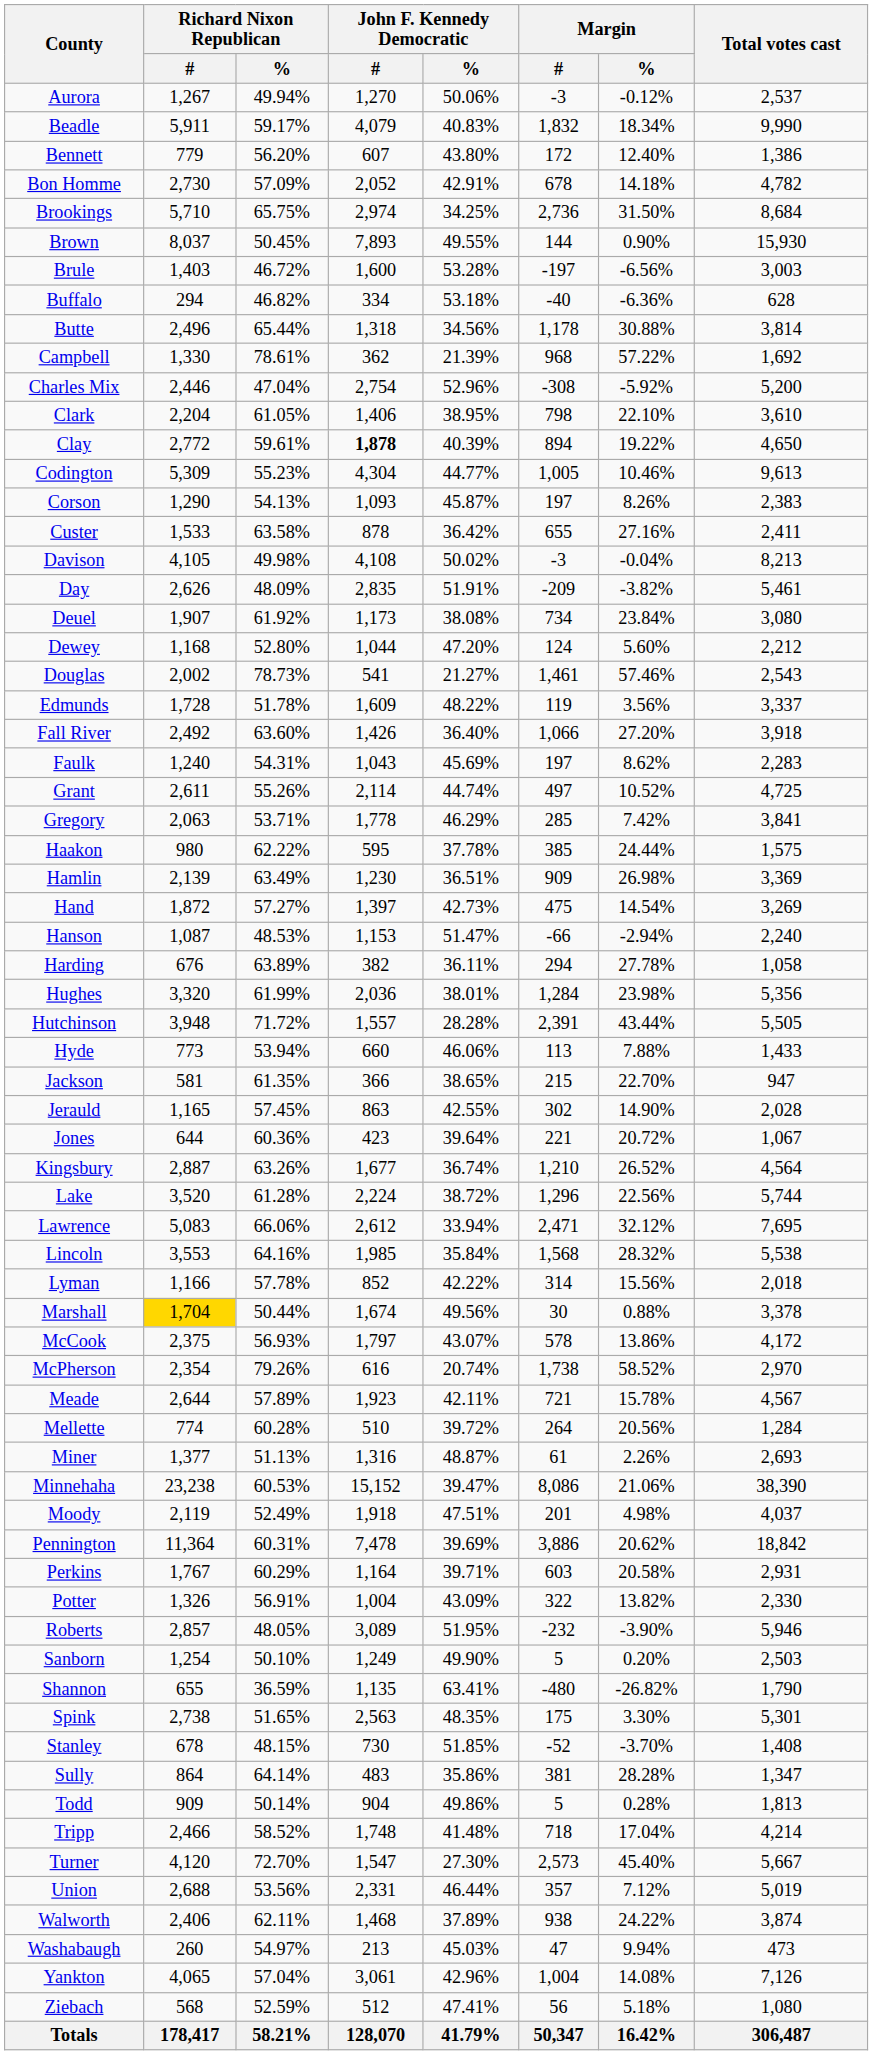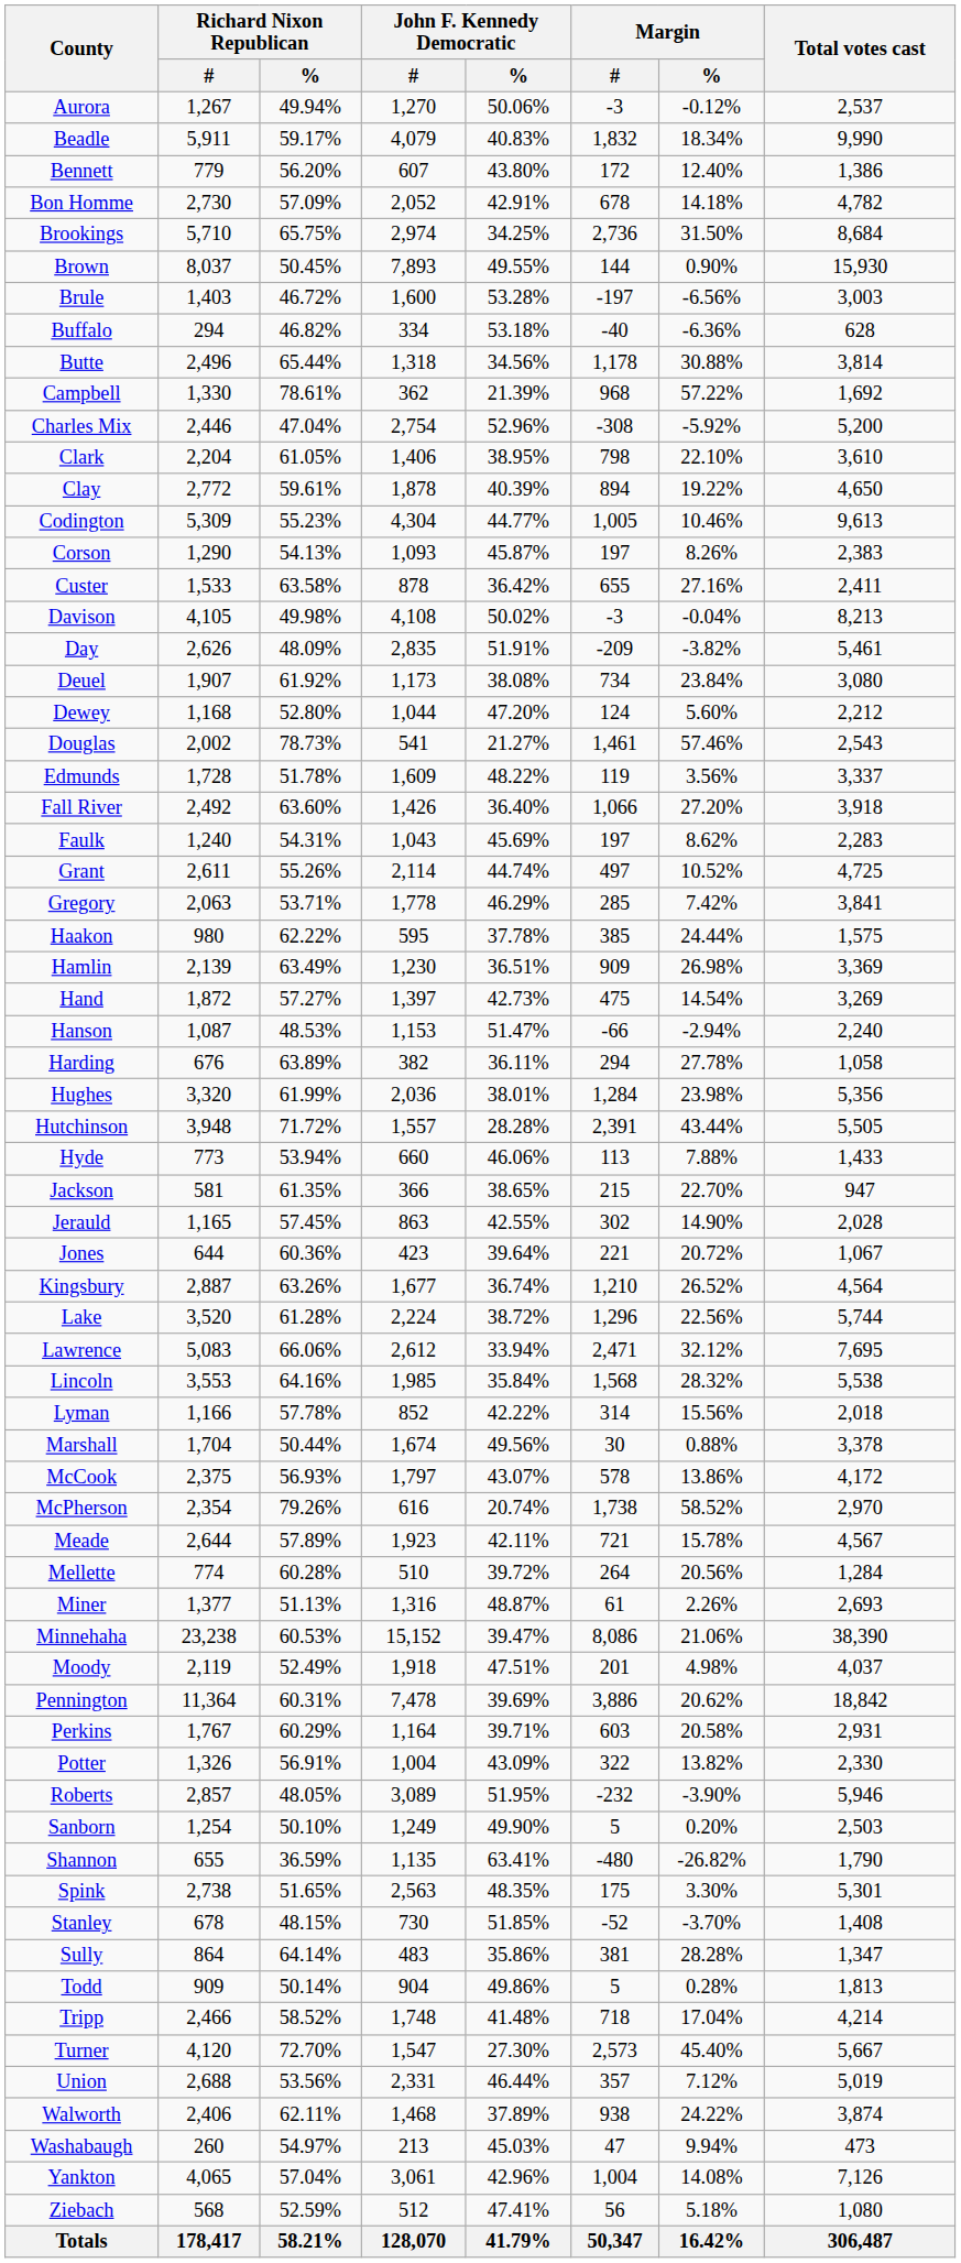 <table class="wikitable sortable" width="60%">
 <tr>
 <th rowspan="2">County</th>
 <th colspan="2">Richard Nixon<br>Republican</th>
 <th colspan="2">John F. Kennedy<br>Democratic</th>
 <th colspan="2">Margin</th>
 <th rowspan="2">Total votes cast</th>
 </tr>
 <tr style="text-align:center;">
 <th data-sort-type="number">#</th>
 <th data-sort-type="number">%</th>
 <th data-sort-type="number">#</th>
 <th data-sort-type="number">%</th>
 <th data-sort-type="number">#</th>
 <th data-sort-type="number">%</th>
 </tr>
 <tr style="text-align:center;">
 <td><a href='#'>Aurora</a></td>
 <td>1,267</td>
 <td>49.94%</td>
 <td>1,270</td>
 <td>50.06%</td>
 <td>-3</td>
 <td>-0.12%</td>
 <td>2,537</td>
 </tr>
 <tr style="text-align:center;">
 <td><a href='#'>Beadle</a></td>
 <td>5,911</td>
 <td>59.17%</td>
 <td>4,079</td>
 <td>40.83%</td>
 <td>1,832</td>
 <td>18.34%</td>
 <td>9,990</td>
 </tr>
 <tr style="text-align:center;">
 <td><a href='#'>Bennett</a></td>
 <td>779</td>
 <td>56.20%</td>
 <td>607</td>
 <td>43.80%</td>
 <td>172</td>
 <td>12.40%</td>
 <td>1,386</td>
 </tr>
 <tr style="text-align:center;">
 <td><a href='#'>Bon Homme</a></td>
 <td>2,730</td>
 <td>57.09%</td>
 <td>2,052</td>
 <td>42.91%</td>
 <td>678</td>
 <td>14.18%</td>
 <td>4,782</td>
 </tr>
 <tr style="text-align:center;">
 <td><a href='#'>Brookings</a></td>
 <td>5,710</td>
 <td>65.75%</td>
 <td>2,974</td>
 <td>34.25%</td>
 <td>2,736</td>
 <td>31.50%</td>
 <td>8,684</td>
 </tr>
 <tr style="text-align:center;">
 <td><a href='#'>Brown</a></td>
 <td>8,037</td>
 <td>50.45%</td>
 <td>7,893</td>
 <td>49.55%</td>
 <td>144</td>
 <td>0.90%</td>
 <td>15,930</td>
 </tr>
 <tr style="text-align:center;">
 <td><a href='#'>Brule</a></td>
 <td>1,403</td>
 <td>46.72%</td>
 <td>1,600</td>
 <td>53.28%</td>
 <td>-197</td>
 <td>-6.56%</td>
 <td>3,003</td>
 </tr>
 <tr style="text-align:center;">
 <td><a href='#'>Buffalo</a></td>
 <td>294</td>
 <td>46.82%</td>
 <td>334</td>
 <td>53.18%</td>
 <td>-40</td>
 <td>-6.36%</td>
 <td>628</td>
 </tr>
 <tr style="text-align:center;">
 <td><a href='#'>Butte</a></td>
 <td>2,496</td>
 <td>65.44%</td>
 <td>1,318</td>
 <td>34.56%</td>
 <td>1,178</td>
 <td>30.88%</td>
 <td>3,814</td>
 </tr>
 <tr style="text-align:center;">
 <td><a href='#'>Campbell</a></td>
 <td>1,330</td>
 <td>78.61%</td>
 <td>362</td>
 <td>21.39%</td>
 <td>968</td>
 <td>57.22%</td>
 <td>1,692</td>
 </tr>
 <tr style="text-align:center;">
 <td><a href='#'>Charles Mix</a></td>
 <td>2,446</td>
 <td>47.04%</td>
 <td>2,754</td>
 <td>52.96%</td>
 <td>-308</td>
 <td>-5.92%</td>
 <td>5,200</td>
 </tr>
 <tr style="text-align:center;">
 <td><a href='#'>Clark</a></td>
 <td>2,204</td>
 <td>61.05%</td>
 <td>1,406</td>
 <td>38.95%</td>
 <td>798</td>
 <td>22.10%</td>
 <td>3,610</td>
 </tr>
 <tr style="text-align:center;">
 <td><a href='#'>Clay</a></td>
 <td>2,772</td>
 <td>59.61%</td>
-<td><strong>1,878</strong></td>
+<td>1,878</td>
 <td>40.39%</td>
 <td>894</td>
 <td>19.22%</td>
 <td>4,650</td>
 </tr>
 <tr style="text-align:center;">
 <td><a href='#'>Codington</a></td>
 <td>5,309</td>
 <td>55.23%</td>
 <td>4,304</td>
 <td>44.77%</td>
 <td>1,005</td>
 <td>10.46%</td>
 <td>9,613</td>
 </tr>
 <tr style="text-align:center;">
 <td><a href='#'>Corson</a></td>
 <td>1,290</td>
 <td>54.13%</td>
 <td>1,093</td>
 <td>45.87%</td>
 <td>197</td>
 <td>8.26%</td>
 <td>2,383</td>
 </tr>
 <tr style="text-align:center;">
 <td><a href='#'>Custer</a></td>
 <td>1,533</td>
 <td>63.58%</td>
 <td>878</td>
 <td>36.42%</td>
 <td>655</td>
 <td>27.16%</td>
 <td>2,411</td>
 </tr>
 <tr style="text-align:center;">
 <td><a href='#'>Davison</a></td>
 <td>4,105</td>
 <td>49.98%</td>
 <td>4,108</td>
 <td>50.02%</td>
 <td>-3</td>
 <td>-0.04%</td>
 <td>8,213</td>
 </tr>
 <tr style="text-align:center;">
 <td><a href='#'>Day</a></td>
 <td>2,626</td>
 <td>48.09%</td>
 <td>2,835</td>
 <td>51.91%</td>
 <td>-209</td>
 <td>-3.82%</td>
 <td>5,461</td>
 </tr>
 <tr style="text-align:center;">
 <td><a href='#'>Deuel</a></td>
 <td>1,907</td>
 <td>61.92%</td>
 <td>1,173</td>
 <td>38.08%</td>
 <td>734</td>
 <td>23.84%</td>
 <td>3,080</td>
 </tr>
 <tr style="text-align:center;">
 <td><a href='#'>Dewey</a></td>
 <td>1,168</td>
 <td>52.80%</td>
 <td>1,044</td>
 <td>47.20%</td>
 <td>124</td>
 <td>5.60%</td>
 <td>2,212</td>
 </tr>
 <tr style="text-align:center;">
 <td><a href='#'>Douglas</a></td>
 <td>2,002</td>
 <td>78.73%</td>
 <td>541</td>
 <td>21.27%</td>
 <td>1,461</td>
 <td>57.46%</td>
 <td>2,543</td>
 </tr>
 <tr style="text-align:center;">
 <td><a href='#'>Edmunds</a></td>
 <td>1,728</td>
 <td>51.78%</td>
 <td>1,609</td>
 <td>48.22%</td>
 <td>119</td>
 <td>3.56%</td>
 <td>3,337</td>
 </tr>
 <tr style="text-align:center;">
 <td><a href='#'>Fall River</a></td>
 <td>2,492</td>
 <td>63.60%</td>
 <td>1,426</td>
 <td>36.40%</td>
 <td>1,066</td>
 <td>27.20%</td>
 <td>3,918</td>
 </tr>
 <tr style="text-align:center;">
 <td><a href='#'>Faulk</a></td>
 <td>1,240</td>
 <td>54.31%</td>
 <td>1,043</td>
 <td>45.69%</td>
 <td>197</td>
 <td>8.62%</td>
 <td>2,283</td>
 </tr>
 <tr style="text-align:center;">
 <td><a href='#'>Grant</a></td>
 <td>2,611</td>
 <td>55.26%</td>
 <td>2,114</td>
 <td>44.74%</td>
 <td>497</td>
 <td>10.52%</td>
 <td>4,725</td>
 </tr>
 <tr style="text-align:center;">
 <td><a href='#'>Gregory</a></td>
 <td>2,063</td>
 <td>53.71%</td>
 <td>1,778</td>
 <td>46.29%</td>
 <td>285</td>
 <td>7.42%</td>
 <td>3,841</td>
 </tr>
 <tr style="text-align:center;">
 <td><a href='#'>Haakon</a></td>
 <td>980</td>
 <td>62.22%</td>
 <td>595</td>
 <td>37.78%</td>
 <td>385</td>
 <td>24.44%</td>
 <td>1,575</td>
 </tr>
 <tr style="text-align:center;">
 <td><a href='#'>Hamlin</a></td>
 <td>2,139</td>
 <td>63.49%</td>
 <td>1,230</td>
 <td>36.51%</td>
 <td>909</td>
 <td>26.98%</td>
 <td>3,369</td>
 </tr>
 <tr style="text-align:center;">
 <td><a href='#'>Hand</a></td>
 <td>1,872</td>
 <td>57.27%</td>
 <td>1,397</td>
 <td>42.73%</td>
 <td>475</td>
 <td>14.54%</td>
 <td>3,269</td>
 </tr>
 <tr style="text-align:center;">
 <td><a href='#'>Hanson</a></td>
 <td>1,087</td>
 <td>48.53%</td>
 <td>1,153</td>
 <td>51.47%</td>
 <td>-66</td>
 <td>-2.94%</td>
 <td>2,240</td>
 </tr>
 <tr style="text-align:center;">
 <td><a href='#'>Harding</a></td>
 <td>676</td>
 <td>63.89%</td>
 <td>382</td>
 <td>36.11%</td>
 <td>294</td>
 <td>27.78%</td>
 <td>1,058</td>
 </tr>
 <tr style="text-align:center;">
 <td><a href='#'>Hughes</a></td>
 <td>3,320</td>
 <td>61.99%</td>
 <td>2,036</td>
 <td>38.01%</td>
 <td>1,284</td>
 <td>23.98%</td>
 <td>5,356</td>
 </tr>
 <tr style="text-align:center;">
 <td><a href='#'>Hutchinson</a></td>
 <td>3,948</td>
 <td>71.72%</td>
 <td>1,557</td>
 <td>28.28%</td>
 <td>2,391</td>
 <td>43.44%</td>
 <td>5,505</td>
 </tr>
 <tr style="text-align:center;">
 <td><a href='#'>Hyde</a></td>
 <td>773</td>
 <td>53.94%</td>
 <td>660</td>
 <td>46.06%</td>
 <td>113</td>
 <td>7.88%</td>
 <td>1,433</td>
 </tr>
 <tr style="text-align:center;">
 <td><a href='#'>Jackson</a></td>
 <td>581</td>
 <td>61.35%</td>
 <td>366</td>
 <td>38.65%</td>
 <td>215</td>
 <td>22.70%</td>
 <td>947</td>
 </tr>
 <tr style="text-align:center;">
 <td><a href='#'>Jerauld</a></td>
 <td>1,165</td>
 <td>57.45%</td>
 <td>863</td>
 <td>42.55%</td>
 <td>302</td>
 <td>14.90%</td>
 <td>2,028</td>
 </tr>
 <tr style="text-align:center;">
 <td><a href='#'>Jones</a></td>
 <td>644</td>
 <td>60.36%</td>
 <td>423</td>
 <td>39.64%</td>
 <td>221</td>
 <td>20.72%</td>
 <td>1,067</td>
 </tr>
 <tr style="text-align:center;">
 <td><a href='#'>Kingsbury</a></td>
 <td>2,887</td>
 <td>63.26%</td>
 <td>1,677</td>
 <td>36.74%</td>
 <td>1,210</td>
 <td>26.52%</td>
 <td>4,564</td>
 </tr>
 <tr style="text-align:center;">
 <td><a href='#'>Lake</a></td>
 <td>3,520</td>
 <td>61.28%</td>
 <td>2,224</td>
 <td>38.72%</td>
 <td>1,296</td>
 <td>22.56%</td>
 <td>5,744</td>
 </tr>
 <tr style="text-align:center;">
 <td><a href='#'>Lawrence</a></td>
 <td>5,083</td>
 <td>66.06%</td>
 <td>2,612</td>
 <td>33.94%</td>
 <td>2,471</td>
 <td>32.12%</td>
 <td>7,695</td>
 </tr>
 <tr style="text-align:center;">
 <td><a href='#'>Lincoln</a></td>
 <td>3,553</td>
 <td>64.16%</td>
 <td>1,985</td>
 <td>35.84%</td>
 <td>1,568</td>
 <td>28.32%</td>
 <td>5,538</td>
 </tr>
 <tr style="text-align:center;">
 <td><a href='#'>Lyman</a></td>
 <td>1,166</td>
 <td>57.78%</td>
 <td>852</td>
 <td>42.22%</td>
 <td>314</td>
 <td>15.56%</td>
 <td>2,018</td>
 </tr>
 <tr style="text-align:center;">
 <td><a href='#'>Marshall</a></td>
-<td style="background: gold;">1,704</td>
+<td>1,704</td>
 <td>50.44%</td>
 <td>1,674</td>
 <td>49.56%</td>
 <td>30</td>
 <td>0.88%</td>
 <td>3,378</td>
 </tr>
 <tr style="text-align:center;">
 <td><a href='#'>McCook</a></td>
 <td>2,375</td>
 <td>56.93%</td>
 <td>1,797</td>
 <td>43.07%</td>
 <td>578</td>
 <td>13.86%</td>
 <td>4,172</td>
 </tr>
 <tr style="text-align:center;">
 <td><a href='#'>McPherson</a></td>
 <td>2,354</td>
 <td>79.26%</td>
 <td>616</td>
 <td>20.74%</td>
 <td>1,738</td>
 <td>58.52%</td>
 <td>2,970</td>
 </tr>
 <tr style="text-align:center;">
 <td><a href='#'>Meade</a></td>
 <td>2,644</td>
 <td>57.89%</td>
 <td>1,923</td>
 <td>42.11%</td>
 <td>721</td>
 <td>15.78%</td>
 <td>4,567</td>
 </tr>
 <tr style="text-align:center;">
 <td><a href='#'>Mellette</a></td>
 <td>774</td>
 <td>60.28%</td>
 <td>510</td>
 <td>39.72%</td>
 <td>264</td>
 <td>20.56%</td>
 <td>1,284</td>
 </tr>
 <tr style="text-align:center;">
 <td><a href='#'>Miner</a></td>
 <td>1,377</td>
 <td>51.13%</td>
 <td>1,316</td>
 <td>48.87%</td>
 <td>61</td>
 <td>2.26%</td>
 <td>2,693</td>
 </tr>
 <tr style="text-align:center;">
 <td><a href='#'>Minnehaha</a></td>
 <td>23,238</td>
 <td>60.53%</td>
 <td>15,152</td>
 <td>39.47%</td>
 <td>8,086</td>
 <td>21.06%</td>
 <td>38,390</td>
 </tr>
 <tr style="text-align:center;">
 <td><a href='#'>Moody</a></td>
 <td>2,119</td>
 <td>52.49%</td>
 <td>1,918</td>
 <td>47.51%</td>
 <td>201</td>
 <td>4.98%</td>
 <td>4,037</td>
 </tr>
 <tr style="text-align:center;">
 <td><a href='#'>Pennington</a></td>
 <td>11,364</td>
 <td>60.31%</td>
 <td>7,478</td>
 <td>39.69%</td>
 <td>3,886</td>
 <td>20.62%</td>
 <td>18,842</td>
 </tr>
 <tr style="text-align:center;">
 <td><a href='#'>Perkins</a></td>
 <td>1,767</td>
 <td>60.29%</td>
 <td>1,164</td>
 <td>39.71%</td>
 <td>603</td>
 <td>20.58%</td>
 <td>2,931</td>
 </tr>
 <tr style="text-align:center;">
 <td><a href='#'>Potter</a></td>
 <td>1,326</td>
 <td>56.91%</td>
 <td>1,004</td>
 <td>43.09%</td>
 <td>322</td>
 <td>13.82%</td>
 <td>2,330</td>
 </tr>
 <tr style="text-align:center;">
 <td><a href='#'>Roberts</a></td>
 <td>2,857</td>
 <td>48.05%</td>
 <td>3,089</td>
 <td>51.95%</td>
 <td>-232</td>
 <td>-3.90%</td>
 <td>5,946</td>
 </tr>
 <tr style="text-align:center;">
 <td><a href='#'>Sanborn</a></td>
 <td>1,254</td>
 <td>50.10%</td>
 <td>1,249</td>
 <td>49.90%</td>
 <td>5</td>
 <td>0.20%</td>
 <td>2,503</td>
 </tr>
 <tr style="text-align:center;">
 <td><a href='#'>Shannon</a></td>
 <td>655</td>
 <td>36.59%</td>
 <td>1,135</td>
 <td>63.41%</td>
 <td>-480</td>
 <td>-26.82%</td>
 <td>1,790</td>
 </tr>
 <tr style="text-align:center;">
 <td><a href='#'>Spink</a></td>
 <td>2,738</td>
 <td>51.65%</td>
 <td>2,563</td>
 <td>48.35%</td>
 <td>175</td>
 <td>3.30%</td>
 <td>5,301</td>
 </tr>
 <tr style="text-align:center;">
 <td><a href='#'>Stanley</a></td>
 <td>678</td>
 <td>48.15%</td>
 <td>730</td>
 <td>51.85%</td>
 <td>-52</td>
 <td>-3.70%</td>
 <td>1,408</td>
 </tr>
 <tr style="text-align:center;">
 <td><a href='#'>Sully</a></td>
 <td>864</td>
 <td>64.14%</td>
 <td>483</td>
 <td>35.86%</td>
 <td>381</td>
 <td>28.28%</td>
 <td>1,347</td>
 </tr>
 <tr style="text-align:center;">
 <td><a href='#'>Todd</a></td>
 <td>909</td>
 <td>50.14%</td>
 <td>904</td>
 <td>49.86%</td>
 <td>5</td>
 <td>0.28%</td>
 <td>1,813</td>
 </tr>
 <tr style="text-align:center;">
 <td><a href='#'>Tripp</a></td>
 <td>2,466</td>
 <td>58.52%</td>
 <td>1,748</td>
 <td>41.48%</td>
 <td>718</td>
 <td>17.04%</td>
 <td>4,214</td>
 </tr>
 <tr style="text-align:center;">
 <td><a href='#'>Turner</a></td>
 <td>4,120</td>
 <td>72.70%</td>
 <td>1,547</td>
 <td>27.30%</td>
 <td>2,573</td>
 <td>45.40%</td>
 <td>5,667</td>
 </tr>
 <tr style="text-align:center;">
 <td><a href='#'>Union</a></td>
 <td>2,688</td>
 <td>53.56%</td>
 <td>2,331</td>
 <td>46.44%</td>
 <td>357</td>
 <td>7.12%</td>
 <td>5,019</td>
 </tr>
 <tr style="text-align:center;">
 <td><a href='#'>Walworth</a></td>
 <td>2,406</td>
 <td>62.11%</td>
 <td>1,468</td>
 <td>37.89%</td>
 <td>938</td>
 <td>24.22%</td>
 <td>3,874</td>
 </tr>
 <tr style="text-align:center;">
 <td><a href='#'>Washabaugh</a></td>
 <td>260</td>
 <td>54.97%</td>
 <td>213</td>
 <td>45.03%</td>
 <td>47</td>
 <td>9.94%</td>
 <td>473</td>
 </tr>
 <tr style="text-align:center;">
 <td><a href='#'>Yankton</a></td>
 <td>4,065</td>
 <td>57.04%</td>
 <td>3,061</td>
 <td>42.96%</td>
 <td>1,004</td>
 <td>14.08%</td>
 <td>7,126</td>
 </tr>
 <tr style="text-align:center;">
 <td><a href='#'>Ziebach</a></td>
 <td>568</td>
 <td>52.59%</td>
 <td>512</td>
 <td>47.41%</td>
 <td>56</td>
 <td>5.18%</td>
 <td>1,080</td>
 </tr>
 <tr style="text-align:center;">
 <th>Totals</th>
 <th>178,417</th>
 <th>58.21%</th>
 <th>128,070</th>
 <th>41.79%</th>
 <th>50,347</th>
 <th>16.42%</th>
 <th>306,487</th>
 </tr>
 </table>
